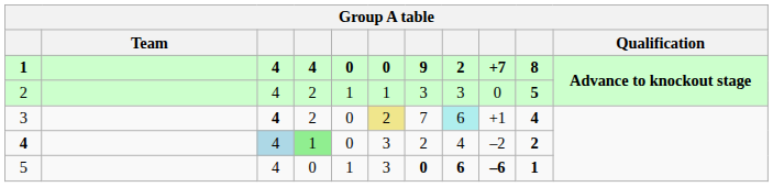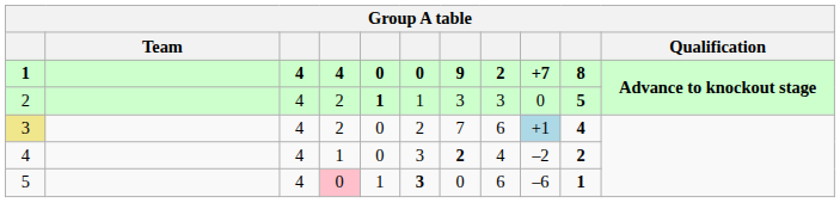 <table class="wikitable" style="text-align: center;">
 <tr>
 <th colspan="11">Group A table</th>
 </tr>
 <tr>
 <th width=30></th>
 <th width="210">Team</th>
 <th width=30></th>
 <th width=30></th>
 <th width=30></th>
 <th width=30></th>
 <th width=30></th>
 <th width=30></th>
 <th width=30></th>
 <th width=30></th>
 <th width=210>Qualification</th>
 </tr>
 <tr bgcolor=#ccffcc>
 <td><strong>1</strong></td>
 <td align="left"><strong></strong></td>
 <td><strong>4</strong></td>
 <td><strong>4</strong></td>
 <td><strong>0</strong></td>
 <td><strong>0</strong></td>
 <td><strong>9</strong></td>
 <td><strong>2</strong></td>
 <td><strong>+7</strong></td>
 <td><strong>8</strong></td>
 <td rowspan="2"><strong>Advance to knockout stage</strong></td>
 </tr>
 <tr bgcolor=#ccffcc>
 <td>2</td>
 <td align="left"></td>
 <td>4</td>
 <td>2</td>
-<td>1</td>
+<td><strong>1</strong></td>
 <td>1</td>
 <td>3</td>
 <td>3</td>
 <td>0</td>
 <td><strong>5</strong></td>
 </tr>
 <tr>
-<td>3</td>
+<td style="background: khaki;">3</td>
 <td align="left"></td>
-<td><strong>4</strong></td>
+<td>4</td>
 <td>2</td>
 <td>0</td>
-<td style="background: khaki;">2</td>
+<td>2</td>
 <td>7</td>
-<td style="background: paleturquoise;">6</td>
-<td>+1</td>
+<td>6</td>
+<td style="background: lightblue;">+1</td>
 <td><strong>4</strong></td>
 <td rowspan="3"></td>
 </tr>
 <tr>
-<td><strong>4</strong></td>
+<td>4</td>
 <td align="left"></td>
-<td style="background: lightblue;">4</td>
-<td style="background: lightgreen;">1</td>
+<td>4</td>
+<td>1</td>
 <td>0</td>
 <td>3</td>
-<td>2</td>
+<td><strong>2</strong></td>
 <td>4</td>
 <td>–2</td>
 <td><strong>2</strong></td>
 </tr>
 <tr>
 <td>5</td>
 <td align="left"></td>
 <td>4</td>
+<td style="background: pink;">0</td>
+<td>1</td>
+<td><strong>3</strong></td>
 <td>0</td>
-<td>1</td>
-<td>3</td>
-<td><strong>0</strong></td>
-<td><strong>6</strong></td>
-<td><strong>–6</strong></td>
+<td>6</td>
+<td>–6</td>
 <td><strong>1</strong></td>
 </tr>
 </table>
